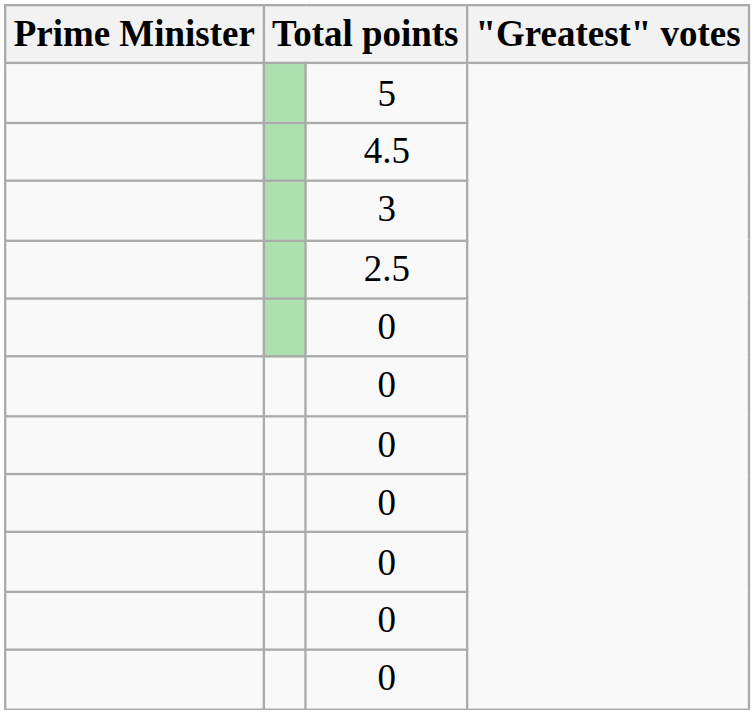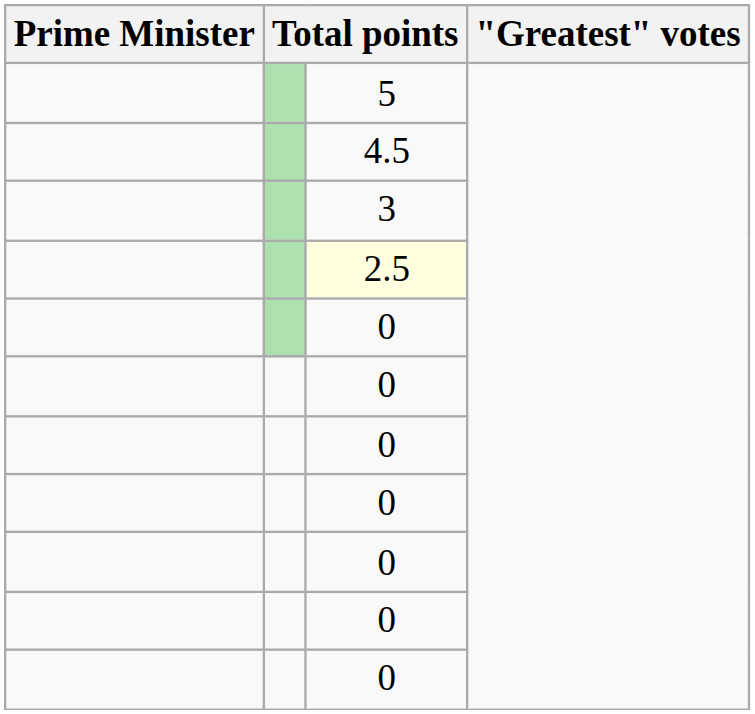 <table class="wikitable sortable">
 <tr>
 <th>Prime Minister</th>
 <th colspan=2>Total points</th>
 <th>"Greatest" votes</th>
 </tr>
 <tr align=center>
 <td></td>
 <td style="background:#ACE1AF"></td>
 <td>5</td>
 </tr>
 <tr align=center>
 <td></td>
 <td style="background:#ACE1AF"></td>
 <td>4.5</td>
 </tr>
 <tr align=center>
 <td></td>
 <td style="background:#ACE1AF"></td>
 <td>3</td>
 </tr>
 <tr align=center>
 <td></td>
 <td style="background:#ACE1AF"></td>
-<td>2.5</td>
+<td style="background: lightyellow;">2.5</td>
 </tr>
 <tr align=center>
 <td></td>
 <td style="background:#ACE1AF"></td>
 <td>0</td>
 </tr>
 <tr align=center>
 <td></td>
 <td></td>
 <td>0</td>
 </tr>
 <tr align=center>
 <td></td>
 <td></td>
 <td>0</td>
 </tr>
 <tr align=center>
 <td></td>
 <td></td>
 <td>0</td>
 </tr>
 <tr align=center>
 <td></td>
 <td></td>
 <td>0</td>
 </tr>
 <tr align=center>
 <td></td>
 <td></td>
 <td>0</td>
 </tr>
 <tr align=center>
 <td></td>
 <td></td>
 <td>0</td>
 </tr>
 </table>
